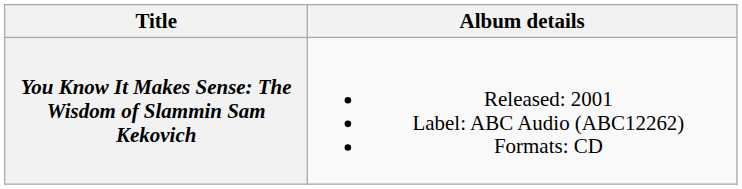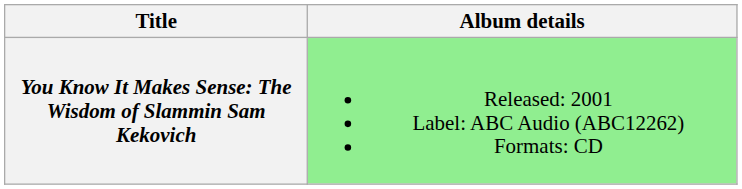 <table class="wikitable plainrowheaders" style="text-align:center;">
 <tr>
 <th scope="col" rowspan="1" style="width:14em;">Title</th>
 <th scope="col" rowspan="1" style="width:20em;">Album details</th>
 </tr>
 <tr>
 <th scope="row"><em>You Know It Makes Sense: The Wisdom of Slammin Sam Kekovich</em></th>
-<td><br><ul><li>Released: 2001</li><li>Label: ABC Audio (ABC12262)</li><li>Formats: CD</li></ul></td>
+<td style="background: lightgreen;"><br><ul><li>Released: 2001</li><li>Label: ABC Audio (ABC12262)</li><li>Formats: CD</li></ul></td>
 </tr>
 </table>
